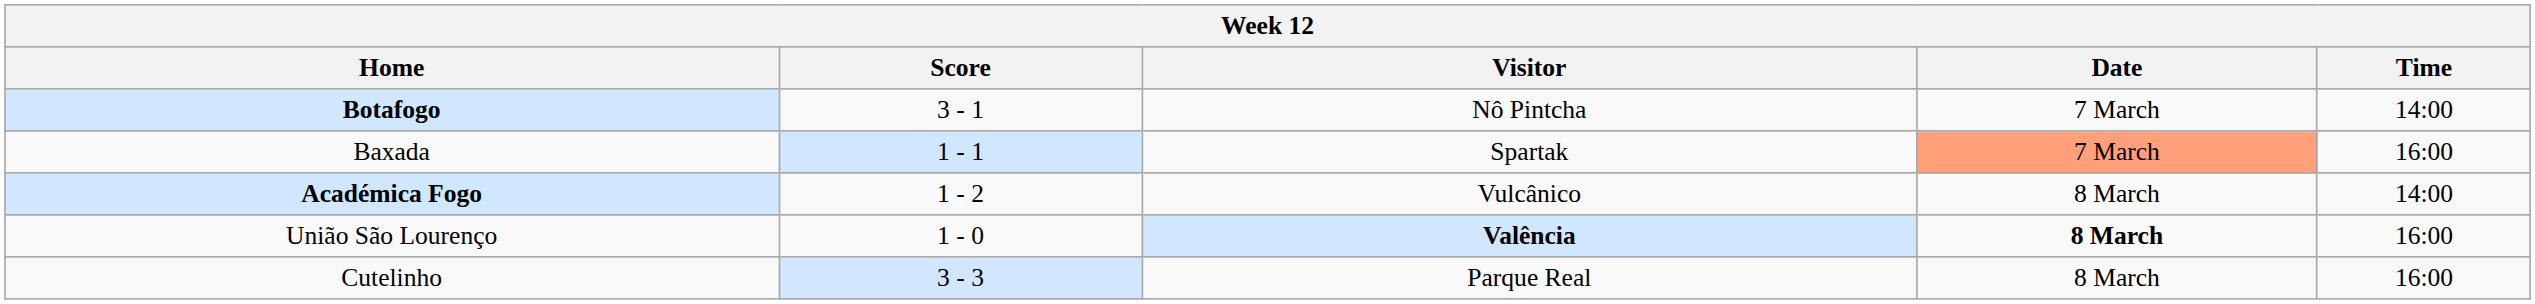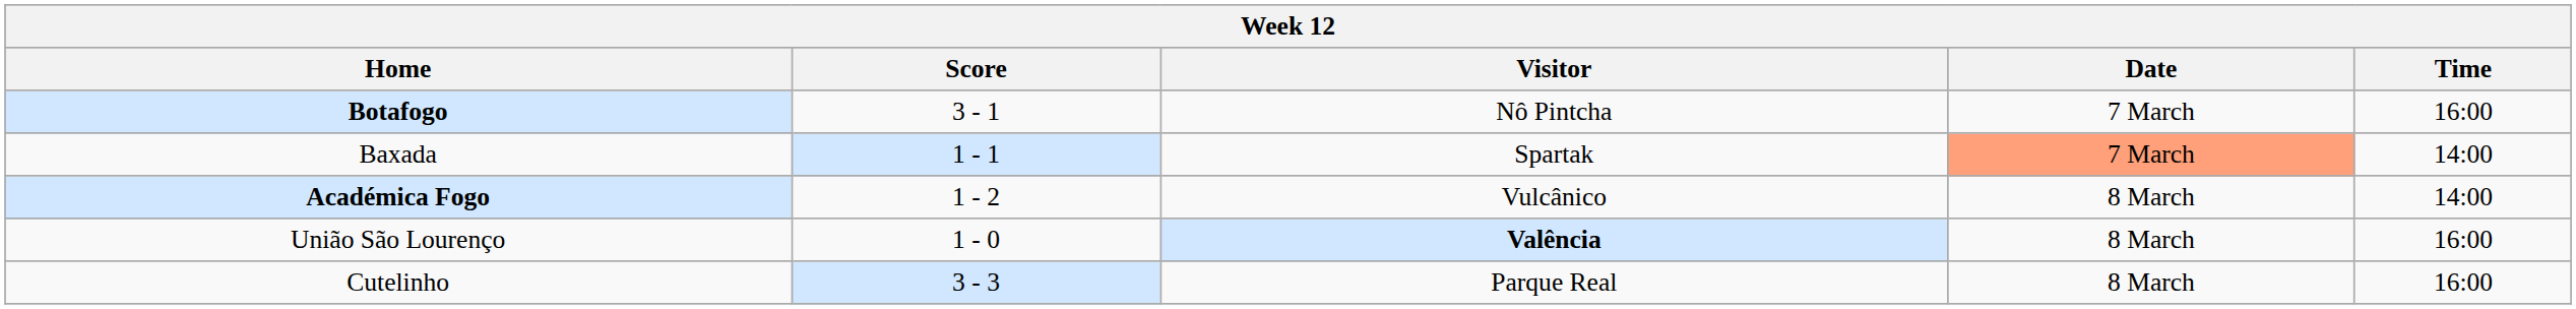 <table class="wikitable" style="margin:1em auto; font-size:95%; text-align: center; width: 95%;">
 <tr>
 <th colspan="12"  style="with:100%;">Week 12</th>
 </tr>
 <tr>
 <th style="width:200px;">Home</th>
 <th width="90">Score</th>
 <th style="width:200px;">Visitor</th>
 <th style="width:100px;">Date</th>
 <th style="width:50px;">Time</th>
 </tr>
 <tr>
 <td bgcolor=#D0E7FF><strong>Botafogo</strong></td>
 <td>3 - 1</td>
 <td>Nô Pintcha</td>
 <td>7 March</td>
-<td>14:00</td>
+<td>16:00</td>
 </tr>
 <tr>
 <td>Baxada</td>
 <td bgcolor=#D0E7FF>1 - 1</td>
 <td>Spartak</td>
 <td style="background: lightsalmon;">7 March</td>
-<td>16:00</td>
+<td>14:00</td>
 </tr>
 <tr>
 <td bgcolor=#D0E7FF><strong>Académica Fogo</strong></td>
 <td>1 - 2</td>
 <td>Vulcânico</td>
 <td>8 March</td>
 <td>14:00</td>
 </tr>
 <tr>
 <td>União São Lourenço</td>
 <td>1 - 0</td>
 <td bgcolor=#D0E7FF><strong>Valência</strong></td>
-<td><strong>8 March</strong></td>
+<td>8 March</td>
 <td>16:00</td>
 </tr>
 <tr>
 <td>Cutelinho</td>
 <td bgcolor=#D0E7FF>3 - 3</td>
 <td>Parque Real</td>
 <td>8 March</td>
 <td>16:00</td>
 </tr>
 </table>
